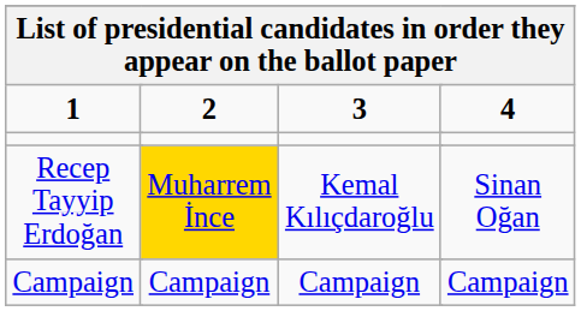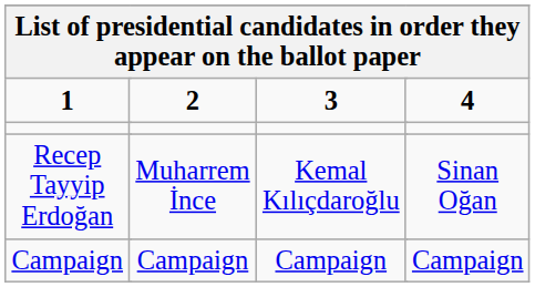 <table class="wikitable" style="width:130px; text-align:center">
 <tr>
 </tr>
 <tr>
 <th colspan=15>List of presidential candidates in order they appear on the ballot paper</th>
 </tr>
 <tr>
 <td colspan="4"><strong>1</strong></td>
 <td><strong>2</strong></td>
 <td colspan="6"><strong>3</strong></td>
 <td colspan="4"><strong>4</strong></td>
 </tr>
 <tr>
 <td colspan="4"></td>
 <td></td>
 <td colspan="6"></td>
 <td colspan="4"></td>
 </tr>
 <tr>
 <td colspan="4"><a href='#'>Recep Tayyip Erdoğan</a></td>
-<td style="background: gold;"><a href='#'>Muharrem İnce</a></td>
+<td><a href='#'>Muharrem İnce</a></td>
 <td colspan="6"><a href='#'>Kemal Kılıçdaroğlu</a></td>
 <td colspan="4"><a href='#'>Sinan Oğan</a></td>
 </tr>
 <tr>
 <td colspan="4"><a href='#'>Campaign</a></td>
 <td><a href='#'>Campaign</a></td>
 <td colspan="6"><a href='#'>Campaign</a></td>
 <td colspan="4"><a href='#'>Campaign</a></td>
 </tr>
 </table>
